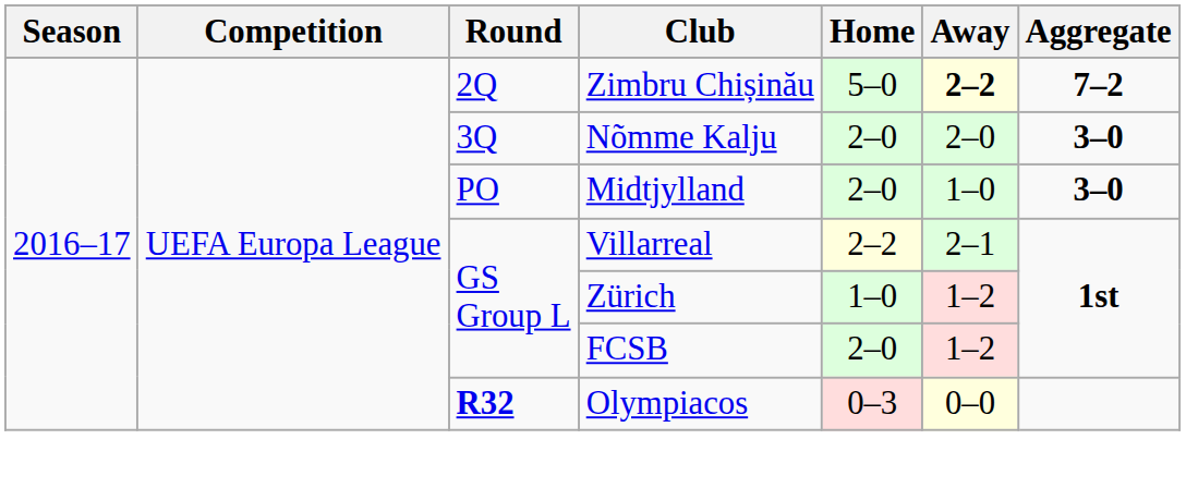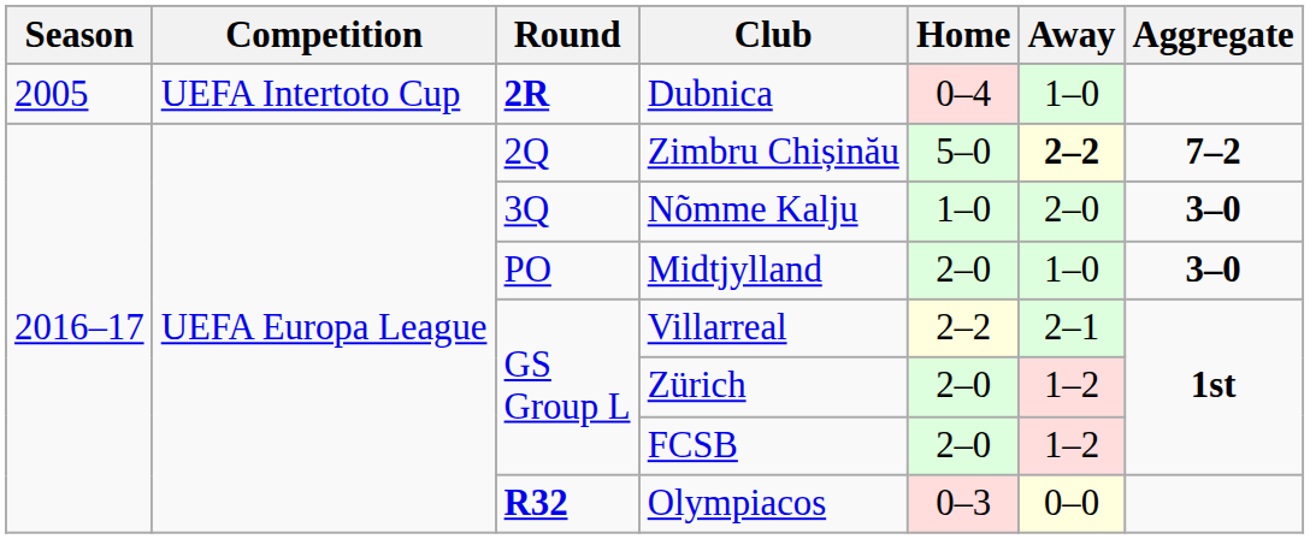 <table class="wikitable">
 <tr>
 <th>Season</th>
 <th>Competition</th>
 <th>Round</th>
 <th>Club</th>
 <th>Home</th>
 <th>Away</th>
 <th>Aggregate</th>
+</tr>
+<tr>
+<td><a href='#'>2005</a></td>
+<td><a href='#'>UEFA Intertoto Cup</a></td>
+<td><a href='#'><strong>2R</strong></a></td>
+<td> <a href='#'>Dubnica</a></td>
+<td style="text-align:center; background:#fdd;">0–4</td>
+<td style="text-align:center; background:#dfd;">1–0</td>
+<td></td>
 </tr>
 <tr>
 <td rowspan="7"><a href='#'>2016–17</a></td>
 <td rowspan="7"><a href='#'>UEFA Europa League</a></td>
 <td><a href='#'>2Q</a></td>
 <td> <a href='#'>Zimbru Chișinău</a></td>
 <td style="text-align:center; background:#dfd;">5–0</td>
 <td style="text-align:center; background:#ffd;"><strong>2–2</strong></td>
 <td style="text-align:center;"><strong>7–2</strong></td>
 </tr>
 <tr>
 <td><a href='#'>3Q</a></td>
 <td> <a href='#'>Nõmme Kalju</a></td>
-<td style="text-align:center; background:#dfd;">2–0</td>
+<td style="text-align:center; background:#dfd;">1–0</td>
 <td style="text-align:center; background:#dfd;">2–0</td>
 <td style="text-align:center;"><strong>3–0</strong></td>
 </tr>
 <tr>
 <td><a href='#'>PO</a></td>
 <td> <a href='#'>Midtjylland</a></td>
 <td style="text-align:center; background:#dfd;">2–0</td>
 <td style="text-align:center; background:#dfd;">1–0</td>
 <td style="text-align:center;"><strong>3–0</strong></td>
 </tr>
 <tr>
 <td rowspan="3"><a href='#'>GS<br>Group L</a></td>
 <td> <a href='#'>Villarreal</a></td>
 <td style="text-align:center; background:#ffd;">2–2</td>
 <td style="text-align:center; background:#dfd;">2–1</td>
 <td rowspan="3" style="text-align:center;"><strong>1st</strong></td>
 </tr>
 <tr>
 <td> <a href='#'>Zürich</a></td>
-<td style="text-align:center; background:#dfd;">1–0</td>
+<td style="text-align:center; background:#dfd;">2–0</td>
 <td style="text-align:center; background:#fdd;">1–2</td>
 </tr>
 <tr>
 <td> <a href='#'>FCSB</a></td>
 <td style="text-align:center; background:#dfd;">2–0</td>
 <td style="text-align:center; background:#fdd;">1–2</td>
 </tr>
 <tr>
 <td><a href='#'><strong>R32</strong></a></td>
 <td> <a href='#'>Olympiacos</a></td>
 <td style="text-align:center; background:#fdd;">0–3</td>
 <td style="text-align:center; background:#ffd;">0–0</td>
 <td></td>
 </tr>
 </table>
